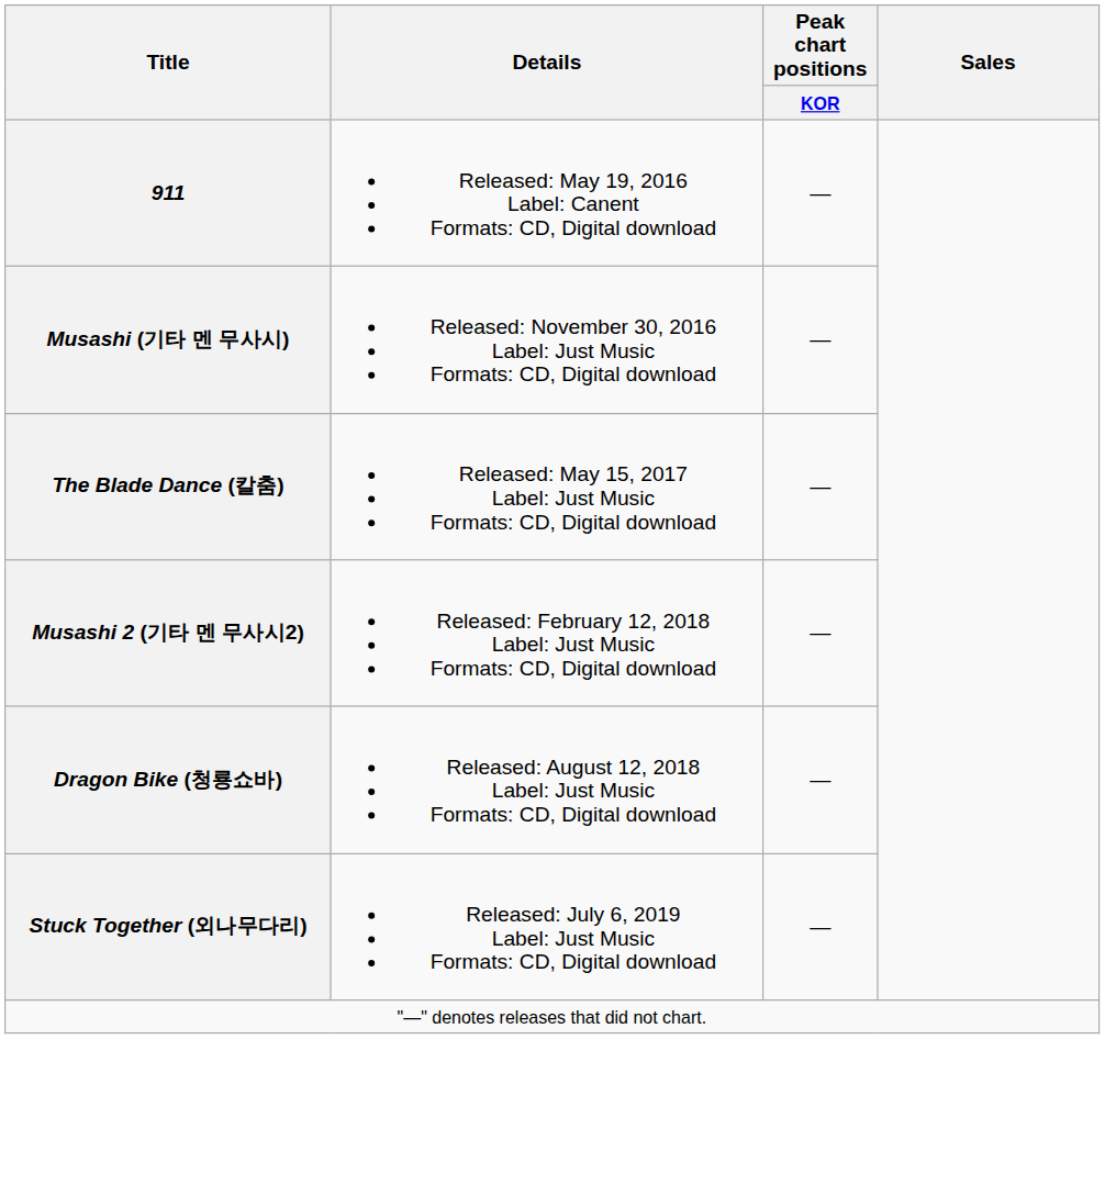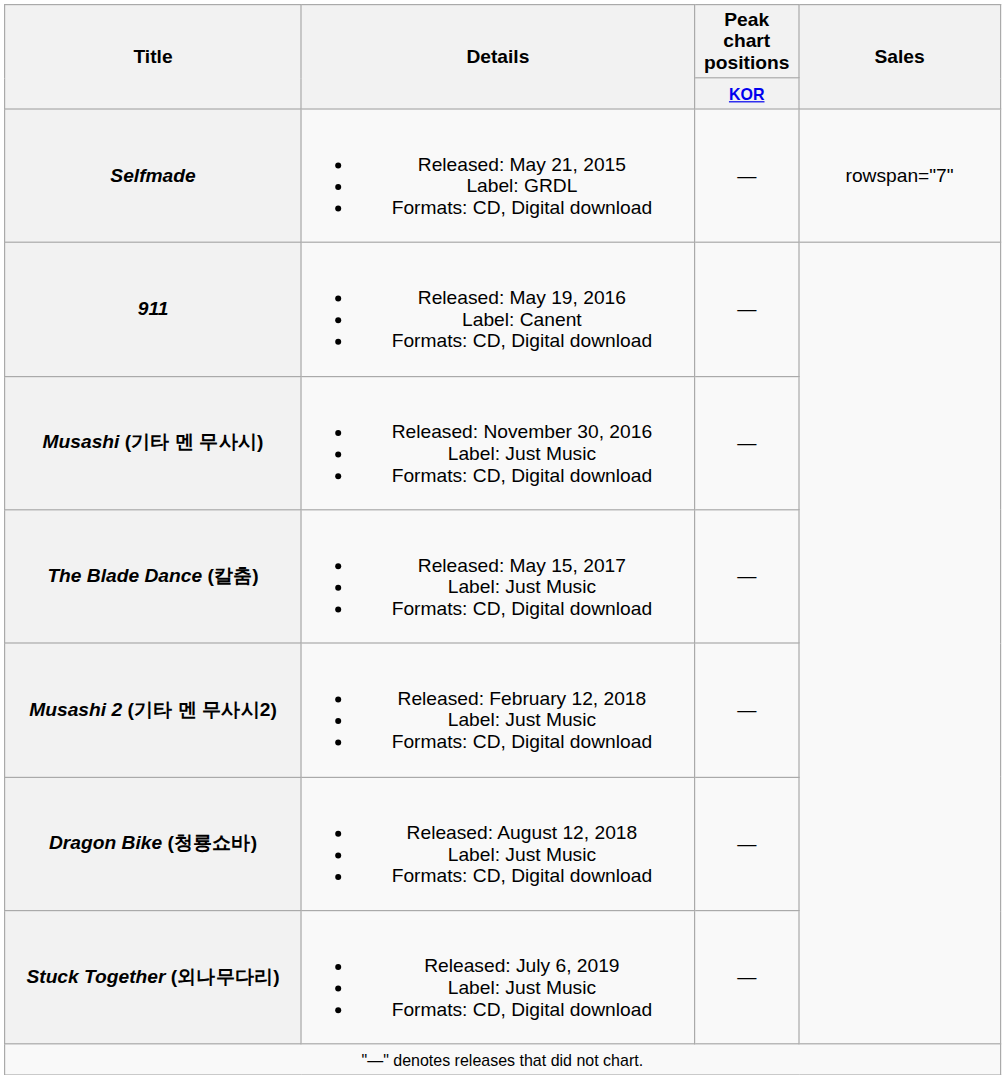 <table class="wikitable plainrowheaders" style="text-align:center;">
 <tr>
 <th scope="col" rowspan="2" style="width:15em;">Title</th>
 <th scope="col" rowspan="2" style="width:20em;">Details</th>
 <th scope="col" colspan="1" style="width:5em;">Peak chart positions</th>
 <th scope="col" rowspan="2" style="width:10em;">Sales</th>
 </tr>
 <tr>
 <th><small><a href='#'>KOR</a></small><br></th>
+</tr>
+<tr>
+<th scope="row"><em>Selfmade</em></th>
+<td><br><ul><li>Released: May 21, 2015</li><li>Label: GRDL</li><li>Formats: CD, Digital download</li></ul></td>
+<td>—</td>
+<td>rowspan="7" </td>
 </tr>
 <tr>
 <th scope="row"><em>911</em></th>
 <td><br><ul><li>Released: May 19, 2016</li><li>Label: Canent</li><li>Formats: CD, Digital download</li></ul></td>
 <td>—</td>
 </tr>
 <tr>
 <th scope="row"><em>Musashi</em> (기타 멘 무사시)</th>
 <td><br><ul><li>Released: November 30, 2016</li><li>Label: Just Music</li><li>Formats: CD, Digital download</li></ul></td>
 <td>—</td>
 </tr>
 <tr>
 <th scope="row"><em>The Blade Dance</em> (칼춤)</th>
 <td><br><ul><li>Released: May 15, 2017</li><li>Label: Just Music</li><li>Formats: CD, Digital download</li></ul></td>
 <td>—</td>
 </tr>
 <tr>
 <th scope="row"><em>Musashi 2</em> (기타 멘 무사시2)</th>
 <td><br><ul><li>Released: February 12, 2018</li><li>Label: Just Music</li><li>Formats: CD, Digital download</li></ul></td>
 <td>—</td>
 </tr>
 <tr>
 <th scope="row"><em>Dragon Bike</em> (청룡쇼바)</th>
 <td><br><ul><li>Released: August 12, 2018</li><li>Label: Just Music</li><li>Formats: CD, Digital download</li></ul></td>
 <td>—</td>
 </tr>
 <tr>
 <th scope="row"><em>Stuck Together</em> (외나무다리)<br></th>
 <td><br><ul><li>Released: July 6, 2019</li><li>Label: Just Music</li><li>Formats: CD, Digital download</li></ul></td>
 <td>—</td>
 </tr>
 <tr>
 <td colspan="4" align="center"><small>"—" denotes releases that did not chart.</small></td>
 </tr>
 </table>
